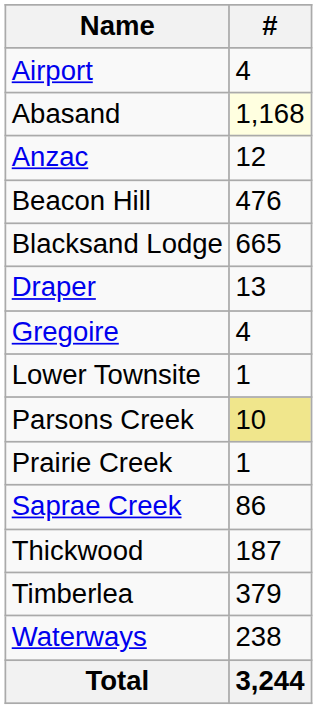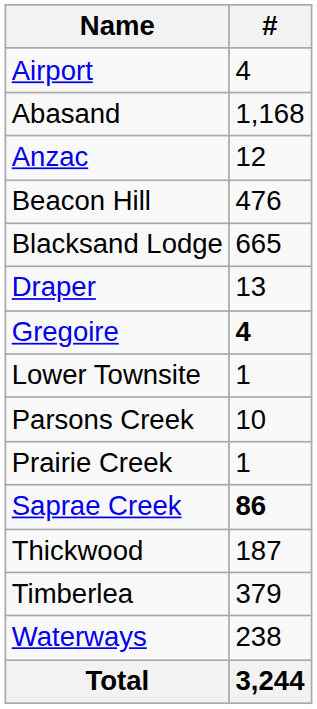 <table class="wikitable floatright" style="border: 1px solid darkgray; text-align: centre; margin-left: 1em;">
 <tr>
 <th>Name</th>
 <th>#</th>
 </tr>
 <tr>
 <td><a href='#'>Airport</a></td>
 <td>4</td>
 </tr>
 <tr>
 <td>Abasand</td>
-<td style="background: lightyellow;">1,168</td>
+<td>1,168</td>
 </tr>
 <tr>
 <td><a href='#'>Anzac</a></td>
 <td>12</td>
 </tr>
 <tr>
 <td>Beacon Hill</td>
 <td>476</td>
 </tr>
 <tr>
 <td>Blacksand Lodge</td>
 <td>665</td>
 </tr>
 <tr>
 <td><a href='#'>Draper</a></td>
 <td>13</td>
 </tr>
 <tr>
 <td><a href='#'>Gregoire</a></td>
-<td>4</td>
+<td><strong>4</strong></td>
 </tr>
 <tr>
 <td>Lower Townsite</td>
 <td>1</td>
 </tr>
 <tr>
 <td>Parsons Creek</td>
-<td style="background: khaki;">10</td>
+<td>10</td>
 </tr>
 <tr>
 <td>Prairie Creek</td>
 <td>1</td>
 </tr>
 <tr>
 <td><a href='#'>Saprae Creek</a></td>
-<td>86</td>
+<td><strong>86</strong></td>
 </tr>
 <tr>
 <td>Thickwood</td>
 <td>187</td>
 </tr>
 <tr>
 <td>Timberlea</td>
 <td>379</td>
 </tr>
 <tr>
 <td><a href='#'>Waterways</a></td>
 <td>238</td>
 </tr>
 <tr>
 <th>Total</th>
 <th>3,244</th>
 </tr>
 </table>
